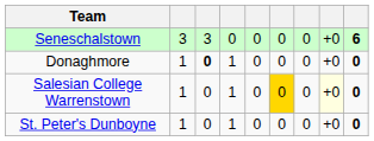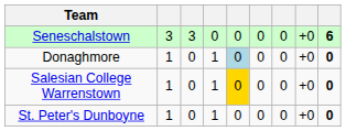 <table class="wikitable" style="text-align:center">
 <tr>
 <th width="175">Team</th>
 <th width="20"></th>
 <th width="20"></th>
 <th width="20"></th>
 <th width="20"></th>
 <th width="20"></th>
 <th width="20"></th>
 <th width="20"></th>
 <th width="20"></th>
 </tr>
 <tr style="background:#cfc;">
 <td><a href='#'>Seneschalstown</a></td>
 <td>3</td>
 <td>3</td>
 <td>0</td>
 <td>0</td>
 <td>0</td>
 <td>0</td>
 <td>+0</td>
 <td><strong>6</strong></td>
 </tr>
 <tr>
 <td>Donaghmore</td>
 <td>1</td>
-<td><strong>0</strong></td>
+<td>0</td>
 <td>1</td>
-<td>0</td>
+<td style="background: lightblue;">0</td>
 <td>0</td>
 <td>0</td>
 <td>+0</td>
 <td><strong>0</strong></td>
 </tr>
 <tr>
 <td><a href='#'>Salesian College Warrenstown</a></td>
 <td>1</td>
 <td>0</td>
 <td>1</td>
-<td>0</td>
 <td style="background: gold;">0</td>
 <td>0</td>
-<td style="background: lightyellow;">+0</td>
+<td>0</td>
+<td>+0</td>
 <td><strong>0</strong></td>
 </tr>
 <tr>
 <td><a href='#'>St. Peter's Dunboyne</a></td>
 <td>1</td>
 <td>0</td>
 <td>1</td>
 <td>0</td>
 <td>0</td>
 <td>0</td>
 <td>+0</td>
 <td><strong>0</strong></td>
 </tr>
 </table>
